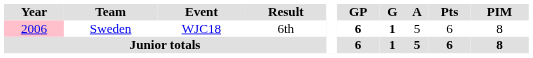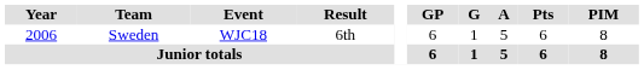 <table border="0" cellpadding="1" cellspacing="0" style="text-align:center; width:40em">
 <tr ALIGN="center" bgcolor="#e0e0e0">
 <th>Year</th>
 <th>Team</th>
 <th>Event</th>
 <th>Result</th>
 <th rowspan="99" bgcolor="#ffffff"> </th>
 <th>GP</th>
 <th>G</th>
 <th>A</th>
 <th>Pts</th>
 <th>PIM</th>
 </tr>
 <tr>
-<td style="background: pink;"><a href='#'>2006</a></td>
+<td><a href='#'>2006</a></td>
 <td><a href='#'>Sweden</a></td>
 <td><a href='#'>WJC18</a></td>
 <td>6th</td>
-<td><strong>6</strong></td>
-<td><strong>1</strong></td>
+<td>6</td>
+<td>1</td>
 <td>5</td>
 <td>6</td>
 <td>8</td>
 </tr>
 <tr bgcolor="#e0e0e0">
 <th colspan="4">Junior totals</th>
 <th>6</th>
 <th>1</th>
 <th>5</th>
 <th>6</th>
 <th>8</th>
 </tr>
 </table>
